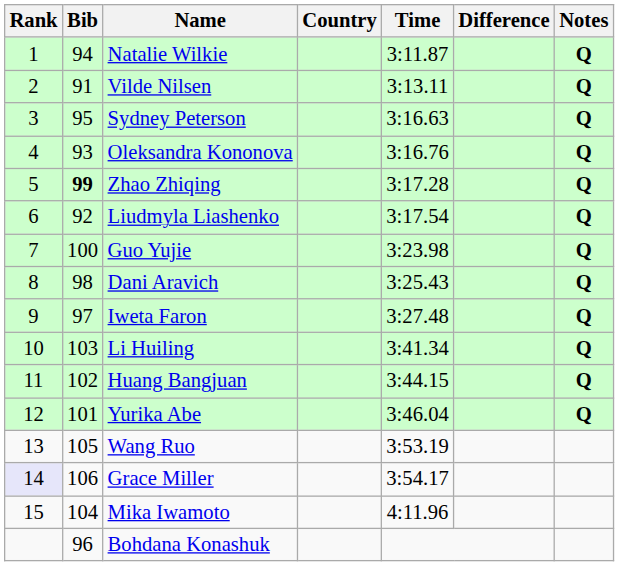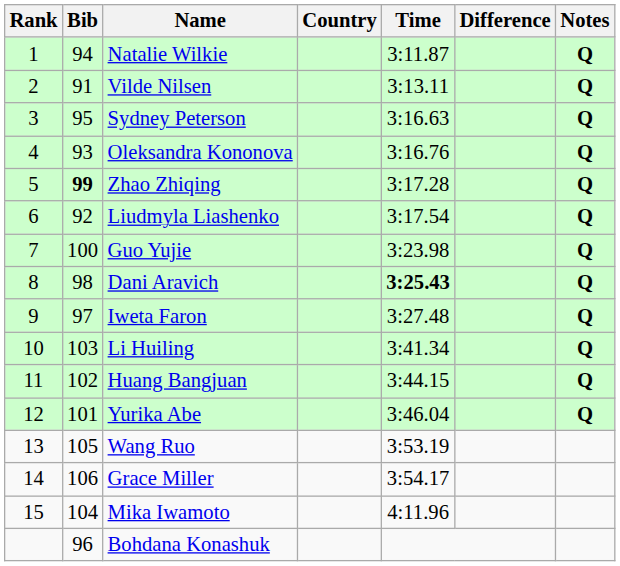 <table class="wikitable sortable" style="text-align:center">
 <tr>
 <th>Rank</th>
 <th>Bib</th>
 <th>Name</th>
 <th>Country</th>
 <th>Time</th>
 <th>Difference</th>
 <th>Notes</th>
 </tr>
 <tr bgcolor=ccffcc>
 <td>1</td>
 <td>94</td>
 <td align="left"><a href='#'>Natalie Wilkie</a></td>
 <td align="left"></td>
 <td>3:11.87</td>
 <td></td>
 <td><strong>Q</strong></td>
 </tr>
 <tr bgcolor=ccffcc>
 <td>2</td>
 <td>91</td>
 <td align="left"><a href='#'>Vilde Nilsen</a></td>
 <td align="left"></td>
 <td>3:13.11</td>
 <td></td>
 <td><strong>Q</strong></td>
 </tr>
 <tr bgcolor=ccffcc>
 <td>3</td>
 <td>95</td>
 <td align="left"><a href='#'>Sydney Peterson</a></td>
 <td align="left"></td>
 <td>3:16.63</td>
 <td></td>
 <td><strong>Q</strong></td>
 </tr>
 <tr bgcolor=ccffcc>
 <td>4</td>
 <td>93</td>
 <td align="left"><a href='#'>Oleksandra Kononova</a></td>
 <td align="left"></td>
 <td>3:16.76</td>
 <td></td>
 <td><strong>Q</strong></td>
 </tr>
 <tr bgcolor=ccffcc>
 <td>5</td>
 <td><strong>99</strong></td>
 <td align="left"><a href='#'>Zhao Zhiqing</a></td>
 <td align="left"></td>
 <td>3:17.28</td>
 <td></td>
 <td><strong>Q</strong></td>
 </tr>
 <tr bgcolor=ccffcc>
 <td>6</td>
 <td>92</td>
 <td align="left"><a href='#'>Liudmyla Liashenko</a></td>
 <td align="left"></td>
 <td>3:17.54</td>
 <td></td>
 <td><strong>Q</strong></td>
 </tr>
 <tr bgcolor=ccffcc>
 <td>7</td>
 <td>100</td>
 <td align="left"><a href='#'>Guo Yujie</a></td>
 <td align="left"></td>
 <td>3:23.98</td>
 <td></td>
 <td><strong>Q</strong></td>
 </tr>
 <tr bgcolor=ccffcc>
 <td>8</td>
 <td>98</td>
 <td align="left"><a href='#'>Dani Aravich</a></td>
 <td align="left"></td>
-<td>3:25.43</td>
+<td><strong>3:25.43</strong></td>
 <td></td>
 <td><strong>Q</strong></td>
 </tr>
 <tr bgcolor=ccffcc>
 <td>9</td>
 <td>97</td>
 <td align="left"><a href='#'>Iweta Faron</a></td>
 <td align="left"></td>
 <td>3:27.48</td>
 <td></td>
 <td><strong>Q</strong></td>
 </tr>
 <tr bgcolor=ccffcc>
 <td>10</td>
 <td>103</td>
 <td align="left"><a href='#'>Li Huiling</a></td>
 <td align="left"></td>
 <td>3:41.34</td>
 <td></td>
 <td><strong>Q</strong></td>
 </tr>
 <tr bgcolor=ccffcc>
 <td>11</td>
 <td>102</td>
 <td align="left"><a href='#'>Huang Bangjuan</a></td>
 <td align="left"></td>
 <td>3:44.15</td>
 <td></td>
 <td><strong>Q</strong></td>
 </tr>
 <tr bgcolor=ccffcc>
 <td>12</td>
 <td>101</td>
 <td align="left"><a href='#'>Yurika Abe</a></td>
 <td align="left"></td>
 <td>3:46.04</td>
 <td></td>
 <td><strong>Q</strong></td>
 </tr>
 <tr>
 <td>13</td>
 <td>105</td>
 <td align="left"><a href='#'>Wang Ruo</a></td>
 <td align="left"></td>
 <td>3:53.19</td>
 <td></td>
 <td></td>
 </tr>
 <tr>
-<td style="background: lavender;">14</td>
+<td>14</td>
 <td>106</td>
 <td align="left"><a href='#'>Grace Miller</a></td>
 <td align="left"></td>
 <td>3:54.17</td>
 <td></td>
 <td></td>
 </tr>
 <tr>
 <td>15</td>
 <td>104</td>
 <td align="left"><a href='#'>Mika Iwamoto</a></td>
 <td align="left"></td>
 <td>4:11.96</td>
 <td></td>
 <td></td>
 </tr>
 <tr>
 <td></td>
 <td>96</td>
 <td align="left"><a href='#'>Bohdana Konashuk</a></td>
 <td align="left"></td>
 <td colspan=2></td>
 <td></td>
 </tr>
 </table>
